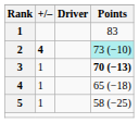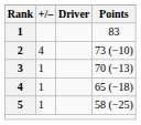 <table class="wikitable sortable" style="font-size: 95%;">
 <tr>
 </tr>
 <tr>
 <th scope="col">Rank</th>
 <th scope="col">+/–</th>
 <th scope="col">Driver</th>
 <th scope="col">Points</th>
 </tr>
 <tr>
 <th scope="row">1</th>
 <td align="left"></td>
 <td></td>
 <td align="center">83</td>
 </tr>
 <tr>
 <th scope="row">2</th>
-<td align="left"><strong> 4</strong></td>
+<td align="left"> 4</td>
 <td></td>
-<td align="center" style="background: paleturquoise;">73 (−10)</td>
+<td align="center">73 (−10)</td>
 </tr>
 <tr>
 <th scope="row">3</th>
 <td align="left"> 1</td>
 <td></td>
-<td align="center"><strong>70 (−13)</strong></td>
+<td align="center">70 (−13)</td>
 </tr>
 <tr>
 <th scope="row">4</th>
 <td align="left"> 1</td>
 <td></td>
 <td align="center">65 (−18)</td>
 </tr>
 <tr>
 <th scope="row">5</th>
 <td align="left"> 1</td>
 <td></td>
 <td align="center">58 (−25)</td>
 </tr>
 <tr class="sortbottom">
 <td colspan="9"></td>
 </tr>
 </table>
